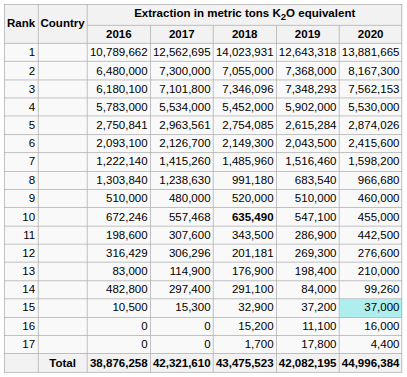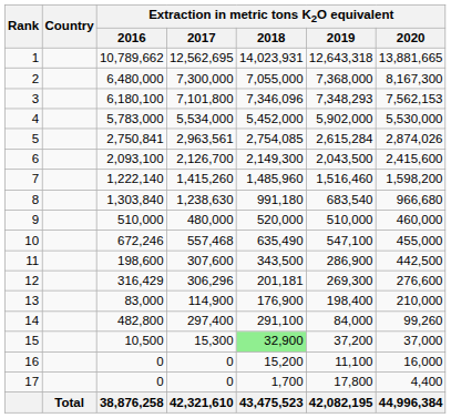 <table class="wikitable sortable" style="text-align:right;">
 <tr>
 <th rowspan="2">Rank</th>
 <th rowspan="2">Country</th>
 <th colspan="5">Extraction in metric tons K<sub>2</sub>O equivalent</th>
 </tr>
 <tr>
 <th>2016</th>
 <th>2017</th>
 <th>2018</th>
 <th>2019</th>
 <th>2020</th>
 </tr>
 <tr>
 <td>1</td>
 <td style="text-align:left;"></td>
 <td>10,789,662</td>
 <td>12,562,695</td>
 <td>14,023,931</td>
 <td>12,643,318</td>
 <td>13,881,665</td>
 </tr>
 <tr>
 <td>2</td>
 <td style="text-align:left;"></td>
 <td>6,480,000</td>
 <td>7,300,000</td>
 <td>7,055,000</td>
 <td>7,368,000</td>
 <td>8,167,300</td>
 </tr>
 <tr>
 <td>3</td>
 <td style="text-align:left;"></td>
 <td>6,180,100</td>
 <td>7,101,800</td>
 <td>7,346,096</td>
 <td>7,348,293</td>
 <td>7,562,153</td>
 </tr>
 <tr>
 <td>4</td>
 <td style="text-align:left;"></td>
 <td>5,783,000</td>
 <td>5,534,000</td>
 <td>5,452,000</td>
 <td>5,902,000</td>
 <td>5,530,000</td>
 </tr>
 <tr>
 <td>5</td>
 <td style="text-align:left;"></td>
 <td>2,750,841</td>
 <td>2,963,561</td>
 <td>2,754,085</td>
 <td>2,615,284</td>
 <td>2,874,026</td>
 </tr>
 <tr>
 <td>6</td>
 <td style="text-align:left;"></td>
 <td>2,093,100</td>
 <td>2,126,700</td>
 <td>2,149,300</td>
 <td>2,043,500</td>
 <td>2,415,600</td>
 </tr>
 <tr>
 <td>7</td>
 <td style="text-align:left;"></td>
 <td>1,222,140</td>
 <td>1,415,260</td>
 <td>1,485,960</td>
 <td>1,516,460</td>
 <td>1,598,200</td>
 </tr>
 <tr>
 <td>8</td>
 <td style="text-align:left;"></td>
 <td>1,303,840</td>
 <td>1,238,630</td>
 <td>991,180</td>
 <td>683,540</td>
 <td>966,680</td>
 </tr>
 <tr>
 <td>9</td>
 <td style="text-align:left;"></td>
 <td>510,000</td>
 <td>480,000</td>
 <td>520,000</td>
 <td>510,000</td>
 <td>460,000</td>
 </tr>
 <tr>
 <td>10</td>
 <td style="text-align:left;"></td>
 <td>672,246</td>
 <td>557,468</td>
-<td><strong>635,490</strong></td>
+<td>635,490</td>
 <td>547,100</td>
 <td>455,000</td>
 </tr>
 <tr>
 <td>11</td>
 <td style="text-align:left;"></td>
 <td>198,600</td>
 <td>307,600</td>
 <td>343,500</td>
 <td>286,900</td>
 <td>442,500</td>
 </tr>
 <tr>
 <td>12</td>
 <td style="text-align:left;"></td>
 <td>316,429</td>
 <td>306,296</td>
 <td>201,181</td>
 <td>269,300</td>
 <td>276,600</td>
 </tr>
 <tr>
 <td>13</td>
 <td style="text-align:left;"></td>
 <td>83,000</td>
 <td>114,900</td>
 <td>176,900</td>
 <td>198,400</td>
 <td>210,000</td>
 </tr>
 <tr>
 <td>14</td>
 <td style="text-align:left;"></td>
 <td>482,800</td>
 <td>297,400</td>
 <td>291,100</td>
 <td>84,000</td>
 <td>99,260</td>
 </tr>
 <tr>
 <td>15</td>
 <td style="text-align:left;"></td>
 <td>10,500</td>
 <td>15,300</td>
-<td>32,900</td>
+<td style="background: lightgreen;">32,900</td>
 <td>37,200</td>
-<td style="background: paleturquoise;">37,000</td>
+<td>37,000</td>
 </tr>
 <tr>
 <td>16</td>
 <td style="text-align:left;"></td>
 <td>0</td>
 <td>0</td>
 <td>15,200</td>
 <td>11,100</td>
 <td>16,000</td>
 </tr>
 <tr>
 <td>17</td>
 <td style="text-align:left;"></td>
 <td>0</td>
 <td>0</td>
 <td>1,700</td>
 <td>17,800</td>
 <td>4,400</td>
 </tr>
 <tr class="unsortable">
 <th></th>
 <th>Total</th>
 <th>38,876,258</th>
 <th>42,321,610</th>
 <th>43,475,523</th>
 <th>42,082,195</th>
 <th>44,996,384</th>
 </tr>
 </table>
